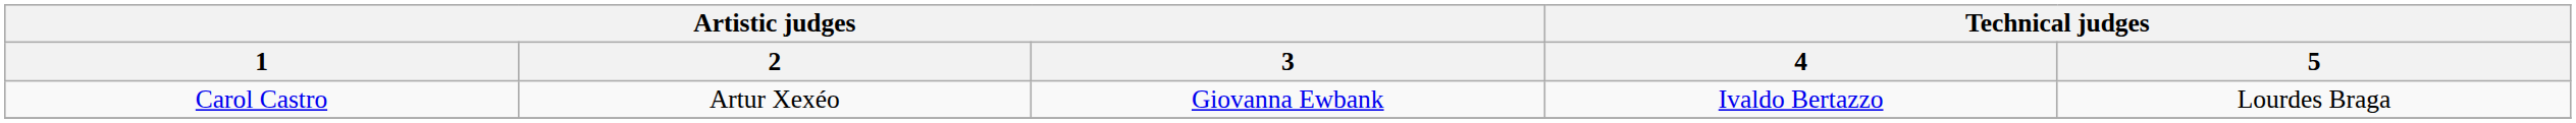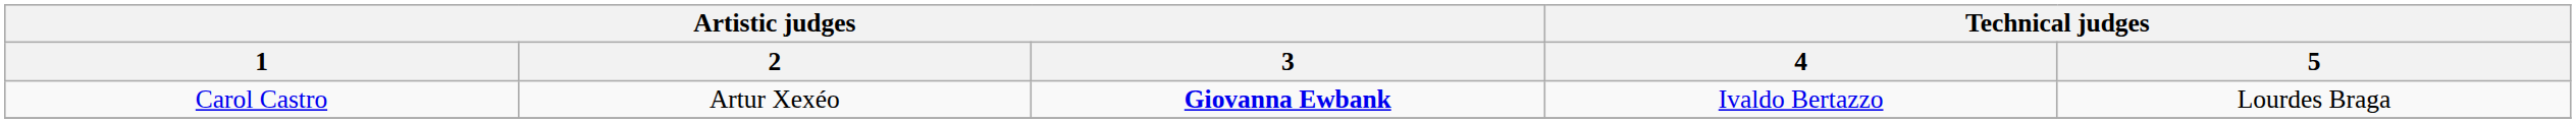 <table class="wikitable" style="font-size:100%; line-height:16px; text-align:center" width="100%">
 <tr>
 <th colspan=3>Artistic judges</th>
 <th colspan=2>Technical judges</th>
 </tr>
 <tr>
 <th>1</th>
 <th>2</th>
 <th>3</th>
 <th>4</th>
 <th>5</th>
 </tr>
 <tr>
 <td width=150><a href='#'>Carol Castro</a></td>
 <td width=150>Artur Xexéo</td>
-<td width=150><a href='#'>Giovanna Ewbank</a></td>
+<td width=150><strong><a href='#'>Giovanna Ewbank</a></strong></td>
 <td width=150><a href='#'>Ivaldo Bertazzo</a></td>
 <td width=150>Lourdes Braga</td>
 </tr>
 <tr>
 </tr>
 </table>
